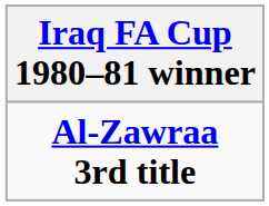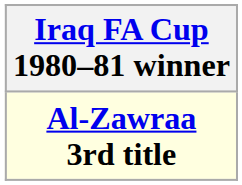 <table class="wikitable" style="text-align: center; margin: 0 auto;">
 <tr>
 <th><a href='#'>Iraq FA Cup</a><br>1980–81 winner</th>
 </tr>
 <tr>
-<td><strong><a href='#'>Al-Zawraa</a></strong><br><strong>3rd title</strong></td>
+<td style="background: lightyellow;"><strong><a href='#'>Al-Zawraa</a></strong><br><strong>3rd title</strong></td>
 </tr>
 </table>
